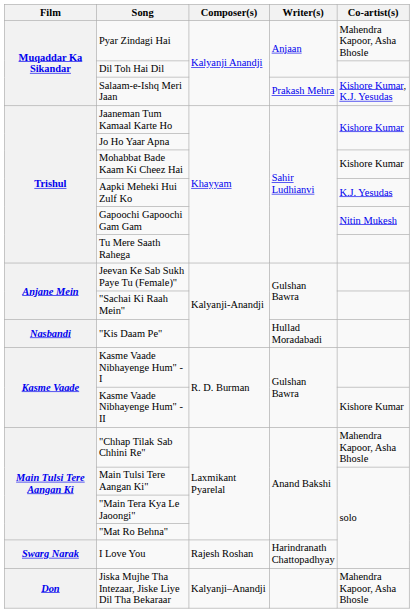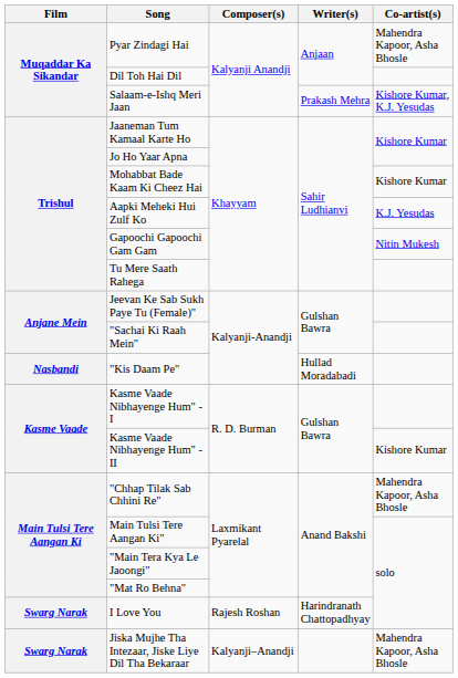 <table class="wikitable plainrowheaders" style="width:100%; textcolor:#000">
 <tr style="background:#b0e0e66;">
 <th scope="col" style="width:23%;"><strong>Film</strong></th>
 <th scope="col" style="width:23%;"><strong>Song</strong></th>
 <th scope="col" style="width:20%;"><strong>Composer(s)</strong></th>
 <th scope="col" style="width:16%;"><strong>Writer(s)</strong></th>
 <th scope="col" style="width:18%;"><strong>Co-artist(s)</strong></th>
 </tr>
 <tr>
 <th rowspan="3"><a href='#'>Muqaddar Ka Sikandar</a></th>
 <td>Pyar Zindagi Hai</td>
 <td rowspan="3"><a href='#'>Kalyanji Anandji</a></td>
 <td rowspan="2"><a href='#'>Anjaan</a></td>
 <td>Mahendra Kapoor, Asha Bhosle</td>
 </tr>
 <tr>
 <td>Dil Toh Hai Dil</td>
 <td></td>
 </tr>
 <tr>
 <td>Salaam-e-Ishq Meri Jaan</td>
 <td><a href='#'>Prakash Mehra</a></td>
 <td><a href='#'>Kishore Kumar</a>, <a href='#'>K.J. Yesudas</a></td>
 </tr>
 <tr>
 <th rowspan="6"><a href='#'>Trishul</a></th>
 <td>Jaaneman Tum Kamaal Karte Ho</td>
 <td rowspan="6"><a href='#'>Khayyam</a></td>
 <td rowspan="6"><a href='#'>Sahir Ludhianvi</a></td>
 <td rowspan="2"><a href='#'>Kishore Kumar</a></td>
 </tr>
 <tr>
 <td>Jo Ho Yaar Apna</td>
 </tr>
 <tr>
 <td>Mohabbat Bade Kaam Ki Cheez Hai</td>
 <td>Kishore Kumar</td>
 </tr>
 <tr>
 <td>Aapki Meheki Hui Zulf Ko</td>
 <td><a href='#'>K.J. Yesudas</a></td>
 </tr>
 <tr>
 <td>Gapoochi Gapoochi Gam Gam</td>
 <td><a href='#'>Nitin Mukesh</a></td>
 </tr>
 <tr>
 <td>Tu Mere Saath Rahega</td>
 <td></td>
 </tr>
 <tr>
 <th Rowspan=2><em><a href='#'>Anjane Mein</a></em></th>
 <td>Jeevan Ke Sab Sukh Paye Tu (Female)"</td>
 <td rowspan=3>Kalyanji-Anandji</td>
 <td rowspan=2>Gulshan Bawra</td>
 <td></td>
 </tr>
 <tr>
 <td>"Sachai Ki Raah Mein"</td>
 <td></td>
 </tr>
 <tr>
 <th><em><a href='#'>Nasbandi</a></em></th>
 <td>"Kis Daam Pe"</td>
 <td>Hullad Moradabadi</td>
 <td></td>
 </tr>
 <tr>
 <th rowspan=2><em><a href='#'>Kasme Vaade</a></em></th>
 <td>Kasme Vaade Nibhayenge Hum" - I</td>
 <td rowspan=2>R. D. Burman</td>
 <td rowspan=2>Gulshan Bawra</td>
 <td></td>
 </tr>
 <tr>
 <td>Kasme Vaade Nibhayenge Hum" - II</td>
 <td>Kishore Kumar</td>
 </tr>
 <tr>
 <th rowspan=4><em><a href='#'>Main Tulsi Tere Aangan Ki</a></em></th>
 <td>"Chhap Tilak Sab Chhini Re"</td>
 <td rowspan=4>Laxmikant Pyarelal</td>
 <td rowspan=4>Anand Bakshi</td>
 <td>Mahendra Kapoor, Asha Bhosle</td>
 </tr>
 <tr>
 <td>Main Tulsi Tere Aangan Ki"</td>
 <td rowspan=4>solo</td>
 </tr>
 <tr>
 <td>"Main Tera Kya Le Jaoongi"</td>
 </tr>
 <tr>
 <td>"Mat Ro Behna"</td>
 </tr>
 <tr>
 <th><em><a href='#'>Swarg Narak</a></em></th>
 <td>I Love You</td>
 <td>Rajesh Roshan</td>
 <td>Harindranath Chattopadhyay</td>
 </tr>
 <tr>
-<th><em><a href='#'>Don</a></em></th>
+<th><em><a href='#'>Swarg Narak</a></em></th>
 <td>Jiska Mujhe Tha Intezaar, Jiske Liye Dil Tha Bekaraar</td>
 <td>Kalyanji–Anandji</td>
 <td></td>
 <td>Mahendra Kapoor, Asha Bhosle</td>
 </tr>
 </table>
